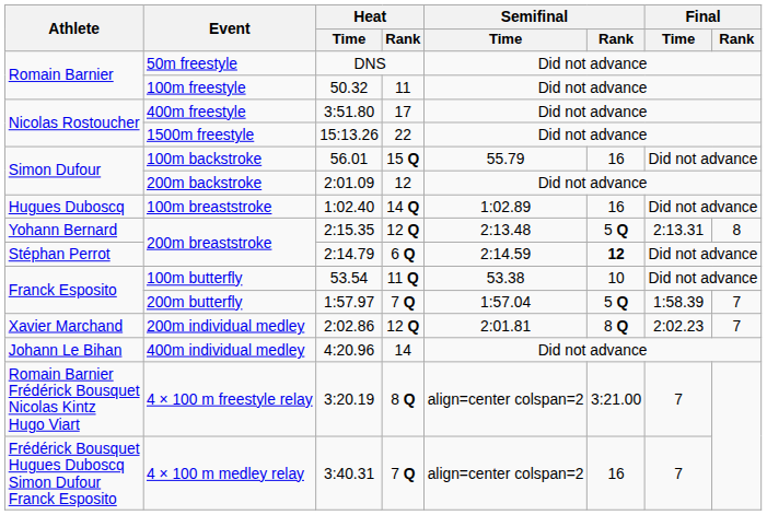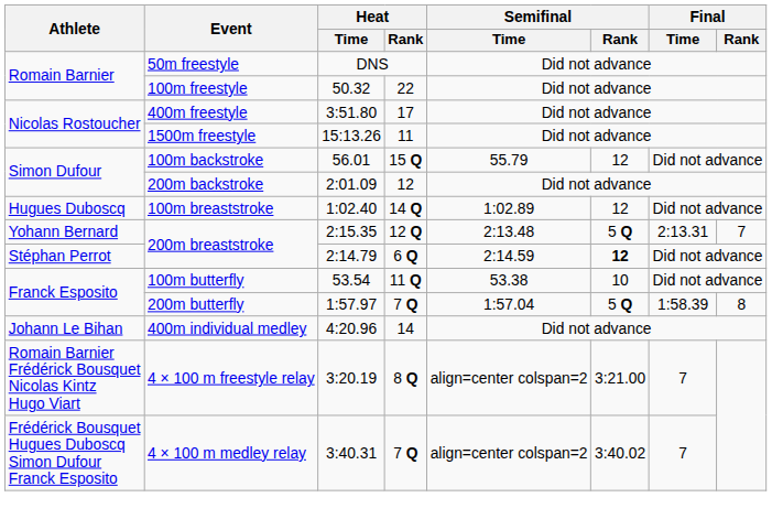 <table class=wikitable style="font-size:90%">
 <tr>
 <th rowspan="2">Athlete</th>
 <th rowspan="2">Event</th>
 <th colspan="2">Heat</th>
 <th colspan="2">Semifinal</th>
 <th colspan="2">Final</th>
 </tr>
 <tr style="font-size:95%">
 <th>Time</th>
 <th>Rank</th>
 <th>Time</th>
 <th>Rank</th>
 <th>Time</th>
 <th>Rank</th>
 </tr>
 <tr>
 <td align=left rowspan=2><a href='#'>Romain Barnier</a></td>
 <td align=left><a href='#'>50m freestyle</a></td>
 <td align=center colspan=2>DNS</td>
 <td align=center colspan=4>Did not advance</td>
 </tr>
 <tr>
 <td align=left><a href='#'>100m freestyle</a></td>
 <td align=center>50.32</td>
-<td align=center>11</td>
+<td align=center>22</td>
 <td align=center colspan=4>Did not advance</td>
 </tr>
 <tr>
 <td align=left rowspan=2><a href='#'>Nicolas Rostoucher</a></td>
 <td align=left><a href='#'>400m freestyle</a></td>
 <td align=center>3:51.80</td>
 <td align=center>17</td>
 <td align=center colspan=4>Did not advance</td>
 </tr>
 <tr>
 <td align=left><a href='#'>1500m freestyle</a></td>
 <td align=center>15:13.26</td>
-<td align=center>22</td>
+<td align=center>11</td>
 <td align=center colspan=4>Did not advance</td>
 </tr>
 <tr>
 <td align=left rowspan=2><a href='#'>Simon Dufour</a></td>
 <td align=left><a href='#'>100m backstroke</a></td>
 <td align=center>56.01</td>
 <td align=center>15 <strong>Q</strong></td>
 <td align=center>55.79</td>
-<td align=center>16</td>
+<td align=center>12</td>
 <td align=center colspan=2>Did not advance</td>
 </tr>
 <tr>
 <td align=left><a href='#'>200m backstroke</a></td>
 <td align=center>2:01.09</td>
 <td align=center>12</td>
 <td align=center colspan=4>Did not advance</td>
 </tr>
 <tr>
 <td align=left><a href='#'>Hugues Duboscq</a></td>
 <td align=left><a href='#'>100m breaststroke</a></td>
 <td align=center>1:02.40</td>
 <td align=center>14 <strong>Q</strong></td>
 <td align=center>1:02.89</td>
-<td align=center>16</td>
+<td align=center>12</td>
 <td align=center colspan=2>Did not advance</td>
 </tr>
 <tr>
 <td align=left><a href='#'>Yohann Bernard</a></td>
 <td align=left rowspan=2><a href='#'>200m breaststroke</a></td>
 <td align=center>2:15.35</td>
 <td align=center>12 <strong>Q</strong></td>
 <td align=center>2:13.48</td>
 <td align=center>5 <strong>Q</strong></td>
 <td align=center>2:13.31</td>
-<td align=center>8</td>
+<td align=center>7</td>
 </tr>
 <tr>
 <td align=left><a href='#'>Stéphan Perrot</a></td>
 <td align=center>2:14.79</td>
 <td align=center>6 <strong>Q</strong></td>
 <td align=center>2:14.59</td>
 <td align=center><strong>12</strong></td>
 <td align=center colspan=2>Did not advance</td>
 </tr>
 <tr>
 <td align=left rowspan=2><a href='#'>Franck Esposito</a></td>
 <td align=left><a href='#'>100m butterfly</a></td>
 <td align=center>53.54</td>
 <td align=center>11 <strong>Q</strong></td>
 <td align=center>53.38</td>
 <td align=center>10</td>
 <td align=center colspan=2>Did not advance</td>
 </tr>
 <tr>
 <td align=left><a href='#'>200m butterfly</a></td>
 <td align=center>1:57.97</td>
 <td align=center>7 <strong>Q</strong></td>
 <td align=center>1:57.04</td>
 <td align=center>5 <strong>Q</strong></td>
 <td align=center>1:58.39</td>
-<td align=center>7</td>
-</tr>
-<tr>
-<td align=left><a href='#'>Xavier Marchand</a></td>
-<td align=left><a href='#'>200m individual medley</a></td>
-<td align=center>2:02.86</td>
-<td align=center>12 <strong>Q</strong></td>
-<td align=center>2:01.81</td>
-<td align=center>8 <strong>Q</strong></td>
-<td align=center>2:02.23</td>
-<td align=center>7</td>
+<td align=center>8</td>
 </tr>
 <tr>
 <td align=left><a href='#'>Johann Le Bihan</a></td>
 <td align=left><a href='#'>400m individual medley</a></td>
 <td align=center>4:20.96</td>
 <td align=center>14</td>
 <td align=center colspan=4>Did not advance</td>
 </tr>
 <tr>
 <td align=left><a href='#'>Romain Barnier</a><br> <a href='#'>Frédérick Bousquet</a><br> <a href='#'>Nicolas Kintz</a><br> <a href='#'>Hugo Viart</a></td>
 <td align=left><a href='#'>4 × 100 m freestyle relay</a></td>
 <td align=center>3:20.19</td>
 <td align=center>8 <strong>Q</strong></td>
 <td>align=center colspan=2 </td>
 <td align=center>3:21.00</td>
 <td align=center>7</td>
 </tr>
 <tr>
 <td align=left><a href='#'>Frédérick Bousquet</a><br> <a href='#'>Hugues Duboscq</a><br> <a href='#'>Simon Dufour</a><br> <a href='#'>Franck Esposito</a></td>
 <td align=left><a href='#'>4 × 100 m medley relay</a></td>
 <td align=center>3:40.31</td>
 <td align=center>7 <strong>Q</strong></td>
 <td>align=center colspan=2 </td>
-<td align=center>16</td>
+<td align=center>3:40.02</td>
 <td align=center>7</td>
 </tr>
 </table>
